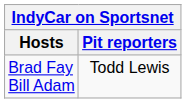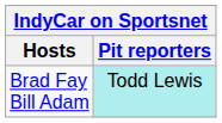 <table class="wikitable" style="font-size: 95%">
 <tr>
 <th colspan=2><a href='#'>IndyCar on Sportsnet</a></th>
 </tr>
 <tr>
 <th>Hosts</th>
 <th><a href='#'>Pit reporters</a></th>
 </tr>
 <tr>
 <td valign="top"><a href='#'>Brad Fay</a><br><a href='#'>Bill Adam</a><br></td>
-<td align="center" valign="top">Todd Lewis</td>
+<td align="center" valign="top" style="background: paleturquoise;">Todd Lewis</td>
 </tr>
 </table>
